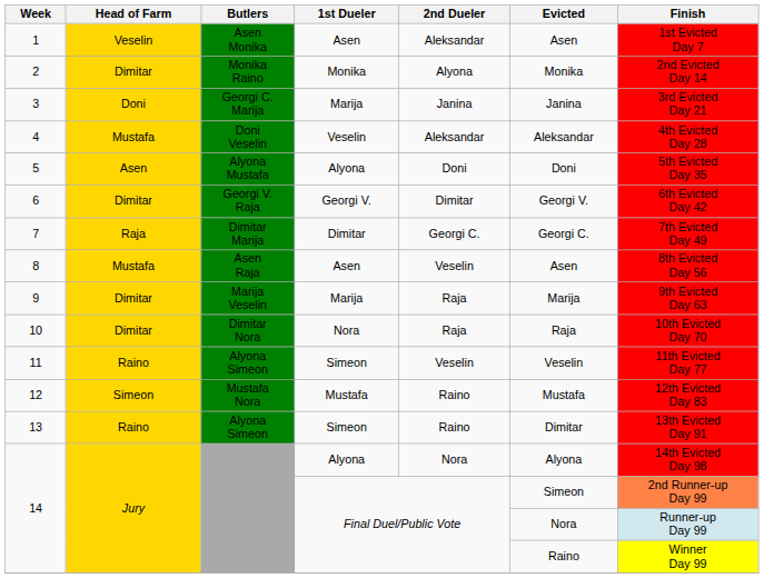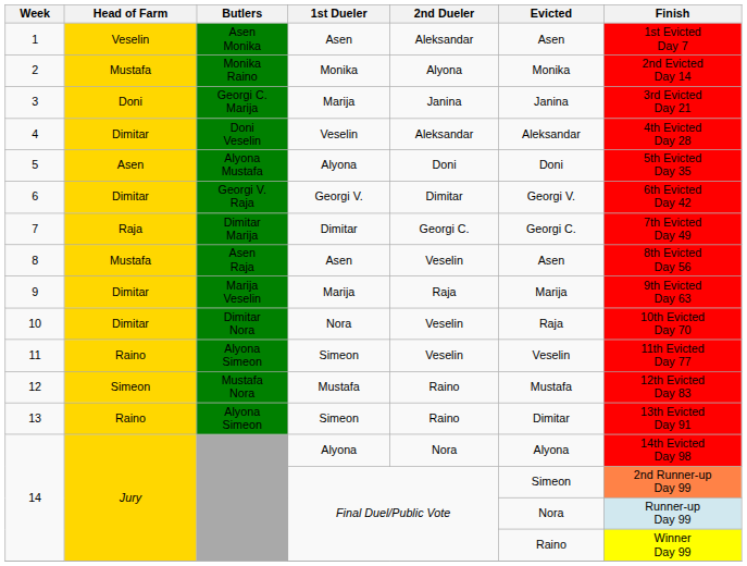 <table class="wikitable" style="font-size:100%; text-align:center; width: 80%; margin-left: auto; margin-right: auto;">
 <tr>
 <th>Week</th>
 <th>Head of Farm</th>
 <th>Butlers</th>
 <th>1st Dueler</th>
 <th>2nd Dueler</th>
 <th>Evicted</th>
 <th>Finish</th>
 </tr>
 <tr>
 <td>1</td>
 <td style="background:gold;">Veselin</td>
 <td style="background:green;">Asen<br>Monika</td>
 <td>Asen</td>
 <td>Aleksandar</td>
 <td>Asen</td>
 <td style="background:#ff0000">1st Evicted<br>Day 7</td>
 </tr>
 <tr>
 <td>2</td>
-<td style="background:gold;">Dimitar</td>
+<td style="background:gold;">Mustafa</td>
 <td style="background:green;">Monika<br>Raino</td>
 <td>Monika</td>
 <td>Alyona</td>
 <td>Monika</td>
 <td style="background:#ff0000">2nd Evicted<br>Day 14</td>
 </tr>
 <tr>
 <td>3</td>
 <td style="background:gold;">Doni</td>
 <td style="background:green;">Georgi C.<br>Marija</td>
 <td>Marija</td>
 <td>Janina</td>
 <td>Janina</td>
 <td style="background:#ff0000">3rd Evicted<br>Day 21</td>
 </tr>
 <tr>
 <td>4</td>
-<td style="background:gold;">Mustafa</td>
+<td style="background:gold;">Dimitar</td>
 <td style="background:green;">Doni<br>Veselin</td>
 <td>Veselin</td>
 <td>Aleksandar</td>
 <td>Aleksandar</td>
 <td style="background:#ff0000">4th Evicted<br>Day 28</td>
 </tr>
 <tr>
 <td>5</td>
 <td style="background:gold;">Asen</td>
 <td style="background:green;">Alyona<br>Mustafa</td>
 <td>Alyona</td>
 <td>Doni</td>
 <td>Doni</td>
 <td style="background:#ff0000">5th Evicted<br>Day 35</td>
 </tr>
 <tr>
 <td>6</td>
 <td style="background:gold;">Dimitar</td>
 <td style="background:green;">Georgi V.<br>Raja</td>
 <td>Georgi V.</td>
 <td>Dimitar</td>
 <td>Georgi V.</td>
 <td style="background:#ff0000">6th Evicted<br>Day 42</td>
 </tr>
 <tr>
 <td>7</td>
 <td style="background:gold;">Raja</td>
 <td style="background:green;">Dimitar<br>Marija</td>
 <td>Dimitar</td>
 <td>Georgi C.</td>
 <td>Georgi C.</td>
 <td style="background:#ff0000">7th Evicted<br>Day 49</td>
 </tr>
 <tr>
 <td>8</td>
 <td style="background:gold;">Mustafa</td>
 <td style="background:green;">Asen<br>Raja</td>
 <td>Asen</td>
 <td>Veselin</td>
 <td>Asen</td>
 <td style="background:#ff0000">8th Evicted<br>Day 56</td>
 </tr>
 <tr>
 <td>9</td>
 <td style="background:gold;">Dimitar</td>
 <td style="background:green;">Marija<br>Veselin</td>
 <td>Marija</td>
 <td>Raja</td>
 <td>Marija</td>
 <td style="background:#ff0000">9th Evicted<br>Day 63</td>
 </tr>
 <tr>
 <td>10</td>
 <td style="background:gold;">Dimitar</td>
 <td style="background:green;">Dimitar<br>Nora</td>
 <td>Nora</td>
-<td>Raja</td>
+<td>Veselin</td>
 <td>Raja</td>
 <td style="background:#ff0000">10th Evicted<br>Day 70</td>
 </tr>
 <tr>
 <td>11</td>
 <td style="background:gold;">Raino</td>
 <td style="background:green;">Alyona<br>Simeon</td>
 <td>Simeon</td>
 <td>Veselin</td>
 <td>Veselin</td>
 <td style="background:#ff0000">11th Evicted<br>Day 77</td>
 </tr>
 <tr>
 <td>12</td>
 <td style="background:gold;">Simeon</td>
 <td style="background:green;">Mustafa<br>Nora</td>
 <td>Mustafa</td>
 <td>Raino</td>
 <td>Mustafa</td>
 <td style="background:#ff0000">12th Evicted<br>Day 83</td>
 </tr>
 <tr>
 <td>13</td>
 <td style="background:gold;">Raino</td>
 <td style="background:green;">Alyona<br>Simeon</td>
 <td>Simeon</td>
 <td>Raino</td>
 <td>Dimitar</td>
 <td style="background:#ff0000">13th Evicted<br>Day 91</td>
 </tr>
 <tr>
 <td rowspan="4">14</td>
 <td rowspan="4" style="background:gold;"><em>Jury</em></td>
 <td rowspan="4" bgcolor="darkgrey"></td>
 <td rowspan="1">Alyona</td>
 <td rowspan="1">Nora</td>
 <td rowspan="1">Alyona</td>
 <td rowspan="1" style="background:#ff0000">14th Evicted<br>Day 98</td>
 </tr>
 <tr>
 <td colspan="2" rowspan="3"><em>Final Duel/Public Vote</em></td>
 <td rowspan="1">Simeon</td>
 <td rowspan="1" style="background:#FF8247;">2nd Runner-up<br>Day 99</td>
 </tr>
 <tr>
 <td rowspan="1">Nora</td>
 <td rowspan="1" style="background:#D1E8EF">Runner-up<br>Day 99</td>
 </tr>
 <tr>
 <td rowspan="1">Raino</td>
 <td rowspan="1" style="background:yellow">Winner<br>Day 99</td>
 </tr>
 <tr>
 </tr>
 </table>
